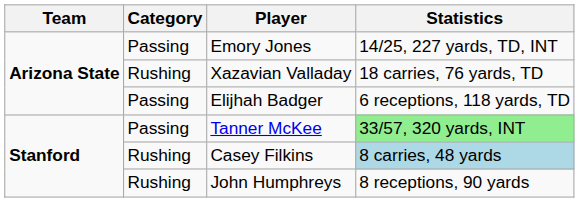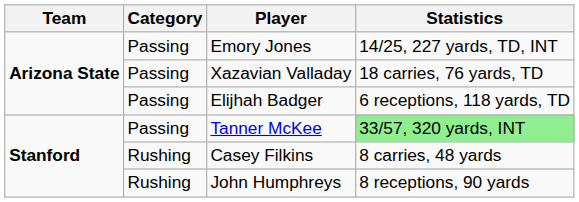 <table class="wikitable" style="float: right;">
 <tr>
 <th>Team</th>
 <th>Category</th>
 <th>Player</th>
 <th>Statistics</th>
 </tr>
 <tr>
 <td rowspan=3><strong>Arizona State</strong></td>
 <td>Passing</td>
 <td>Emory Jones</td>
 <td>14/25, 227 yards, TD, INT</td>
 </tr>
 <tr>
-<td>Rushing</td>
+<td>Passing</td>
 <td>Xazavian Valladay</td>
 <td>18 carries, 76 yards, TD</td>
 </tr>
 <tr>
 <td>Passing</td>
 <td>Elijhah Badger</td>
 <td>6 receptions, 118 yards, TD</td>
 </tr>
 <tr>
 <td rowspan=3><strong>Stanford</strong></td>
 <td>Passing</td>
 <td><a href='#'>Tanner McKee</a></td>
 <td style="background: lightgreen;">33/57, 320 yards, INT</td>
 </tr>
 <tr>
 <td>Rushing</td>
 <td>Casey Filkins</td>
-<td style="background: lightblue;">8 carries, 48 yards</td>
+<td>8 carries, 48 yards</td>
 </tr>
 <tr>
 <td>Rushing</td>
 <td>John Humphreys</td>
 <td>8 receptions, 90 yards</td>
 </tr>
 </table>
